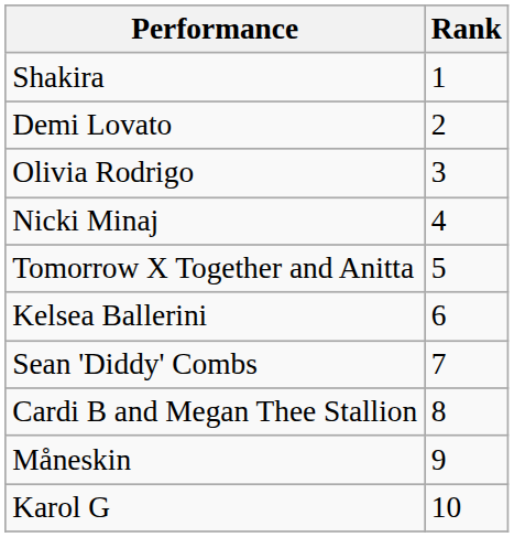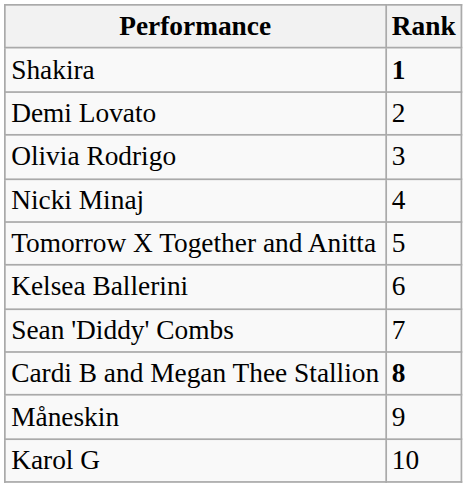 <table class="wikitable sortable">
 <tr>
 <th scope="col">Performance</th>
 <th scope="col">Rank</th>
 </tr>
 <tr>
 <td>Shakira</td>
-<td>1</td>
+<td><strong>1</strong></td>
 </tr>
 <tr>
 <td>Demi Lovato</td>
 <td>2</td>
 </tr>
 <tr>
 <td>Olivia Rodrigo</td>
 <td>3</td>
 </tr>
 <tr>
 <td>Nicki Minaj</td>
 <td>4</td>
 </tr>
 <tr>
 <td>Tomorrow X Together and Anitta</td>
 <td>5</td>
 </tr>
 <tr>
 <td>Kelsea Ballerini</td>
 <td>6</td>
 </tr>
 <tr>
 <td>Sean 'Diddy' Combs</td>
 <td>7</td>
 </tr>
 <tr>
 <td>Cardi B and Megan Thee Stallion</td>
-<td>8</td>
+<td><strong>8</strong></td>
 </tr>
 <tr>
 <td>Måneskin</td>
 <td>9</td>
 </tr>
 <tr>
 <td>Karol G</td>
 <td>10</td>
 </tr>
 </table>
